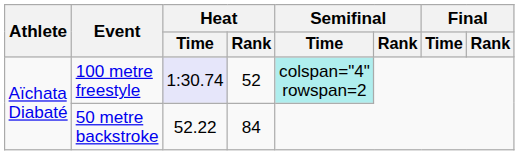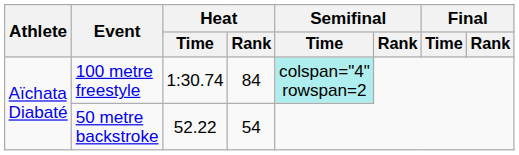 <table class="wikitable" style="text-align:center; font-size:90%; width:50%;">
 <tr>
 <th rowspan="2">Athlete</th>
 <th rowspan="2">Event</th>
 <th colspan="2">Heat</th>
 <th colspan="2">Semifinal</th>
 <th colspan="2">Final</th>
 </tr>
 <tr style="font-size:95%">
 <th>Time</th>
 <th>Rank</th>
 <th>Time</th>
 <th>Rank</th>
 <th>Time</th>
 <th>Rank</th>
 </tr>
 <tr>
 <td align=left rowspan=2><a href='#'>Aïchata Diabaté</a></td>
 <td align=left><a href='#'>100 metre freestyle</a></td>
-<td style="background: lavender;">1:30.74</td>
-<td>52</td>
+<td>1:30.74</td>
+<td>84</td>
 <td style="background: paleturquoise;">colspan="4" rowspan=2</td>
 </tr>
 <tr>
 <td align=left><a href='#'>50 metre backstroke</a></td>
 <td>52.22</td>
-<td>84</td>
+<td>54</td>
 </tr>
 </table>
